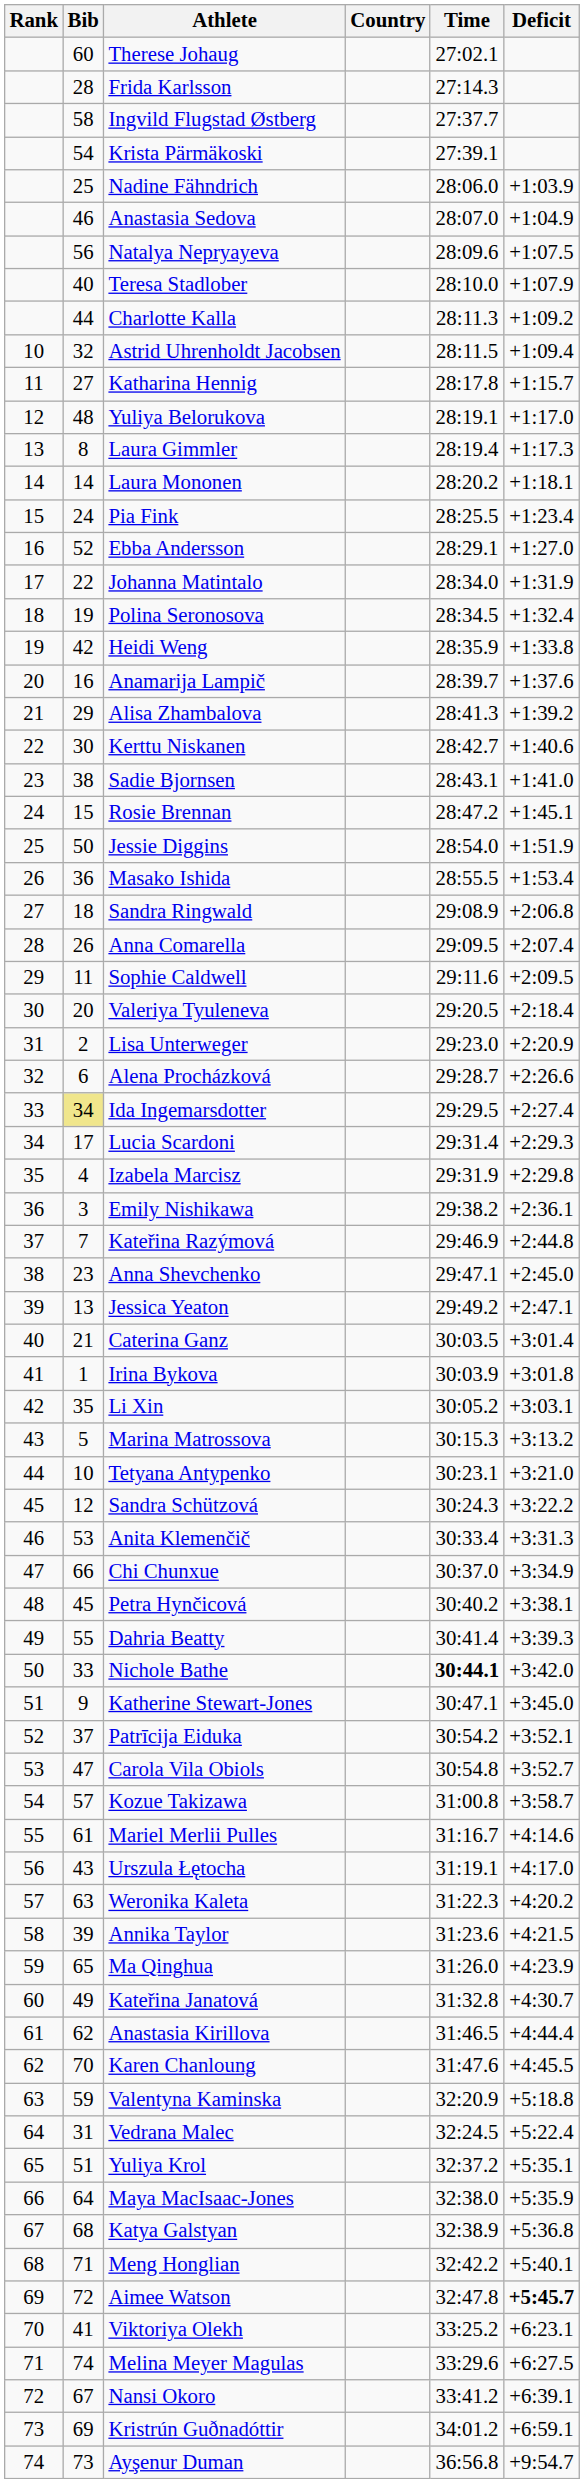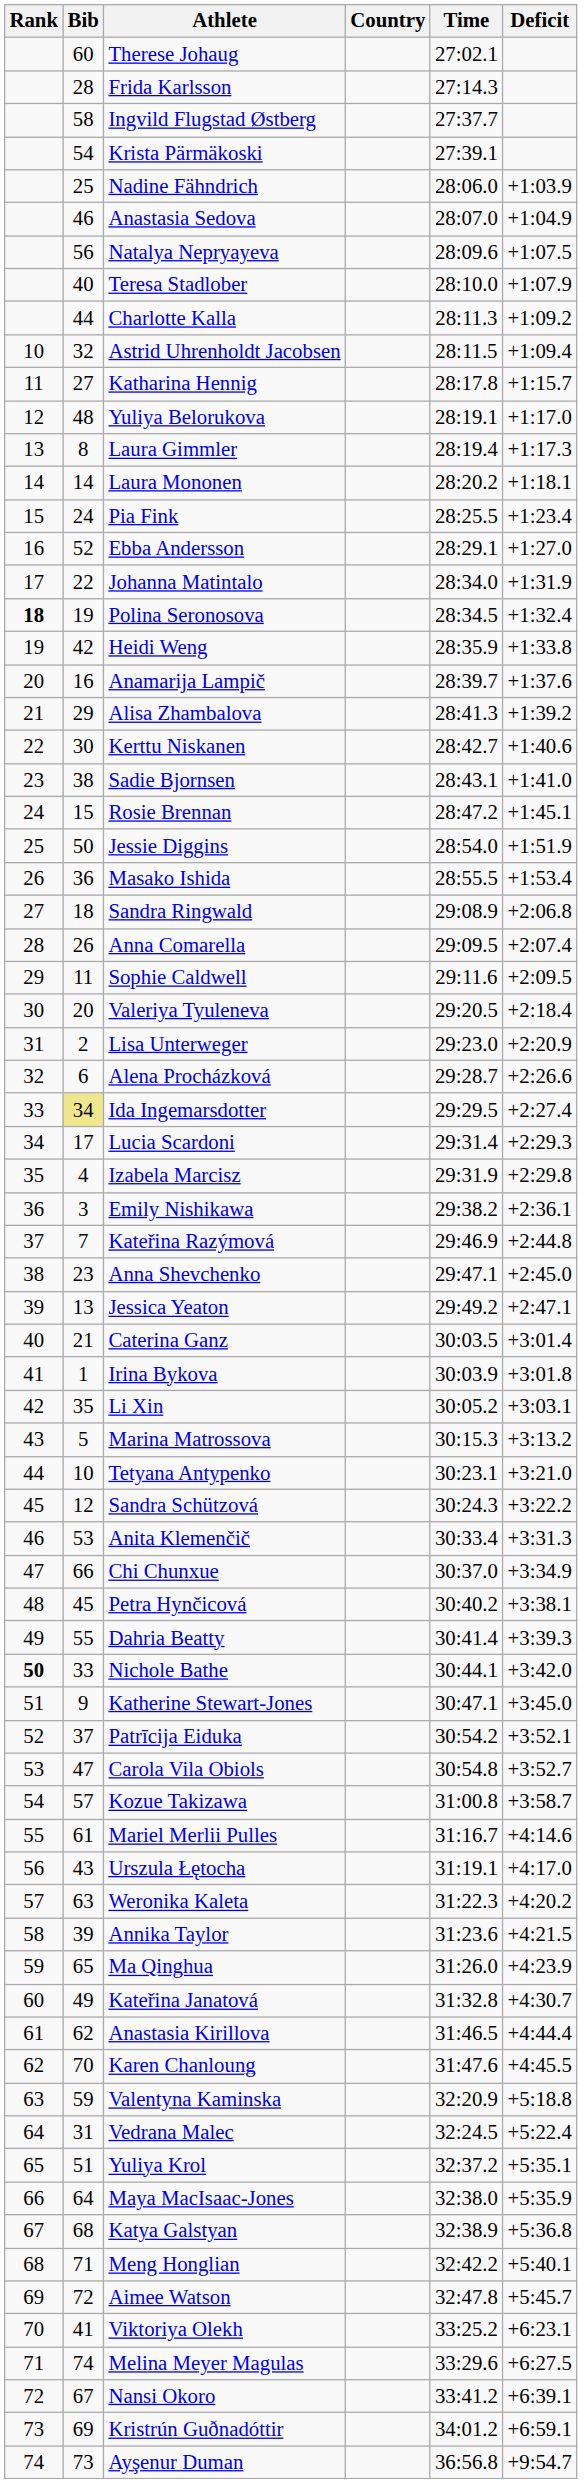 <table class="wikitable sortable" style="text-align:center">
 <tr>
 <th>Rank</th>
 <th>Bib</th>
 <th>Athlete</th>
 <th>Country</th>
 <th>Time</th>
 <th>Deficit</th>
 </tr>
 <tr>
 <td></td>
 <td>60</td>
 <td align=left><a href='#'>Therese Johaug</a></td>
 <td align=left></td>
 <td>27:02.1</td>
 <td></td>
 </tr>
 <tr>
 <td></td>
 <td>28</td>
 <td align=left><a href='#'>Frida Karlsson</a></td>
 <td align=left></td>
 <td>27:14.3</td>
 <td></td>
 </tr>
 <tr>
 <td></td>
 <td>58</td>
 <td align=left><a href='#'>Ingvild Flugstad Østberg</a></td>
 <td align=left></td>
 <td>27:37.7</td>
 <td></td>
 </tr>
 <tr>
 <td></td>
 <td>54</td>
 <td align=left><a href='#'>Krista Pärmäkoski</a></td>
 <td align=left></td>
 <td>27:39.1</td>
 <td></td>
 </tr>
 <tr>
 <td></td>
 <td>25</td>
 <td align=left><a href='#'>Nadine Fähndrich</a></td>
 <td align=left></td>
 <td>28:06.0</td>
 <td>+1:03.9</td>
 </tr>
 <tr>
 <td></td>
 <td>46</td>
 <td align=left><a href='#'>Anastasia Sedova</a></td>
 <td align=left></td>
 <td>28:07.0</td>
 <td>+1:04.9</td>
 </tr>
 <tr>
 <td></td>
 <td>56</td>
 <td align=left><a href='#'>Natalya Nepryayeva</a></td>
 <td align=left></td>
 <td>28:09.6</td>
 <td>+1:07.5</td>
 </tr>
 <tr>
 <td></td>
 <td>40</td>
 <td align=left><a href='#'>Teresa Stadlober</a></td>
 <td align=left></td>
 <td>28:10.0</td>
 <td>+1:07.9</td>
 </tr>
 <tr>
 <td></td>
 <td>44</td>
 <td align=left><a href='#'>Charlotte Kalla</a></td>
 <td align=left></td>
 <td>28:11.3</td>
 <td>+1:09.2</td>
 </tr>
 <tr>
 <td>10</td>
 <td>32</td>
 <td align=left><a href='#'>Astrid Uhrenholdt Jacobsen</a></td>
 <td align=left></td>
 <td>28:11.5</td>
 <td>+1:09.4</td>
 </tr>
 <tr>
 <td>11</td>
 <td>27</td>
 <td align=left><a href='#'>Katharina Hennig</a></td>
 <td align=left></td>
 <td>28:17.8</td>
 <td>+1:15.7</td>
 </tr>
 <tr>
 <td>12</td>
 <td>48</td>
 <td align=left><a href='#'>Yuliya Belorukova</a></td>
 <td align=left></td>
 <td>28:19.1</td>
 <td>+1:17.0</td>
 </tr>
 <tr>
 <td>13</td>
 <td>8</td>
 <td align=left><a href='#'>Laura Gimmler</a></td>
 <td align=left></td>
 <td>28:19.4</td>
 <td>+1:17.3</td>
 </tr>
 <tr>
 <td>14</td>
 <td>14</td>
 <td align=left><a href='#'>Laura Mononen</a></td>
 <td align=left></td>
 <td>28:20.2</td>
 <td>+1:18.1</td>
 </tr>
 <tr>
 <td>15</td>
 <td>24</td>
 <td align=left><a href='#'>Pia Fink</a></td>
 <td align=left></td>
 <td>28:25.5</td>
 <td>+1:23.4</td>
 </tr>
 <tr>
 <td>16</td>
 <td>52</td>
 <td align=left><a href='#'>Ebba Andersson</a></td>
 <td align=left></td>
 <td>28:29.1</td>
 <td>+1:27.0</td>
 </tr>
 <tr>
 <td>17</td>
 <td>22</td>
 <td align=left><a href='#'>Johanna Matintalo</a></td>
 <td align=left></td>
 <td>28:34.0</td>
 <td>+1:31.9</td>
 </tr>
 <tr>
-<td>18</td>
+<td><strong>18</strong></td>
 <td>19</td>
 <td align=left><a href='#'>Polina Seronosova</a></td>
 <td align=left></td>
 <td>28:34.5</td>
 <td>+1:32.4</td>
 </tr>
 <tr>
 <td>19</td>
 <td>42</td>
 <td align=left><a href='#'>Heidi Weng</a></td>
 <td align=left></td>
 <td>28:35.9</td>
 <td>+1:33.8</td>
 </tr>
 <tr>
 <td>20</td>
 <td>16</td>
 <td align=left><a href='#'>Anamarija Lampič</a></td>
 <td align=left></td>
 <td>28:39.7</td>
 <td>+1:37.6</td>
 </tr>
 <tr>
 <td>21</td>
 <td>29</td>
 <td align=left><a href='#'>Alisa Zhambalova</a></td>
 <td align=left></td>
 <td>28:41.3</td>
 <td>+1:39.2</td>
 </tr>
 <tr>
 <td>22</td>
 <td>30</td>
 <td align=left><a href='#'>Kerttu Niskanen</a></td>
 <td align=left></td>
 <td>28:42.7</td>
 <td>+1:40.6</td>
 </tr>
 <tr>
 <td>23</td>
 <td>38</td>
 <td align=left><a href='#'>Sadie Bjornsen</a></td>
 <td align=left></td>
 <td>28:43.1</td>
 <td>+1:41.0</td>
 </tr>
 <tr>
 <td>24</td>
 <td>15</td>
 <td align=left><a href='#'>Rosie Brennan</a></td>
 <td align=left></td>
 <td>28:47.2</td>
 <td>+1:45.1</td>
 </tr>
 <tr>
 <td>25</td>
 <td>50</td>
 <td align=left><a href='#'>Jessie Diggins</a></td>
 <td align=left></td>
 <td>28:54.0</td>
 <td>+1:51.9</td>
 </tr>
 <tr>
 <td>26</td>
 <td>36</td>
 <td align=left><a href='#'>Masako Ishida</a></td>
 <td align=left></td>
 <td>28:55.5</td>
 <td>+1:53.4</td>
 </tr>
 <tr>
 <td>27</td>
 <td>18</td>
 <td align=left><a href='#'>Sandra Ringwald</a></td>
 <td align=left></td>
 <td>29:08.9</td>
 <td>+2:06.8</td>
 </tr>
 <tr>
 <td>28</td>
 <td>26</td>
 <td align=left><a href='#'>Anna Comarella</a></td>
 <td align=left></td>
 <td>29:09.5</td>
 <td>+2:07.4</td>
 </tr>
 <tr>
 <td>29</td>
 <td>11</td>
 <td align=left><a href='#'>Sophie Caldwell</a></td>
 <td align=left></td>
 <td>29:11.6</td>
 <td>+2:09.5</td>
 </tr>
 <tr>
 <td>30</td>
 <td>20</td>
 <td align=left><a href='#'>Valeriya Tyuleneva</a></td>
 <td align=left></td>
 <td>29:20.5</td>
 <td>+2:18.4</td>
 </tr>
 <tr>
 <td>31</td>
 <td>2</td>
 <td align=left><a href='#'>Lisa Unterweger</a></td>
 <td align=left></td>
 <td>29:23.0</td>
 <td>+2:20.9</td>
 </tr>
 <tr>
 <td>32</td>
 <td>6</td>
 <td align=left><a href='#'>Alena Procházková</a></td>
 <td align=left></td>
 <td>29:28.7</td>
 <td>+2:26.6</td>
 </tr>
 <tr>
 <td>33</td>
 <td style="background: khaki;">34</td>
 <td align=left><a href='#'>Ida Ingemarsdotter</a></td>
 <td align=left></td>
 <td>29:29.5</td>
 <td>+2:27.4</td>
 </tr>
 <tr>
 <td>34</td>
 <td>17</td>
 <td align=left><a href='#'>Lucia Scardoni</a></td>
 <td align=left></td>
 <td>29:31.4</td>
 <td>+2:29.3</td>
 </tr>
 <tr>
 <td>35</td>
 <td>4</td>
 <td align=left><a href='#'>Izabela Marcisz</a></td>
 <td align=left></td>
 <td>29:31.9</td>
 <td>+2:29.8</td>
 </tr>
 <tr>
 <td>36</td>
 <td>3</td>
 <td align=left><a href='#'>Emily Nishikawa</a></td>
 <td align=left></td>
 <td>29:38.2</td>
 <td>+2:36.1</td>
 </tr>
 <tr>
 <td>37</td>
 <td>7</td>
 <td align=left><a href='#'>Kateřina Razýmová</a></td>
 <td align=left></td>
 <td>29:46.9</td>
 <td>+2:44.8</td>
 </tr>
 <tr>
 <td>38</td>
 <td>23</td>
 <td align=left><a href='#'>Anna Shevchenko</a></td>
 <td align=left></td>
 <td>29:47.1</td>
 <td>+2:45.0</td>
 </tr>
 <tr>
 <td>39</td>
 <td>13</td>
 <td align=left><a href='#'>Jessica Yeaton</a></td>
 <td align=left></td>
 <td>29:49.2</td>
 <td>+2:47.1</td>
 </tr>
 <tr>
 <td>40</td>
 <td>21</td>
 <td align=left><a href='#'>Caterina Ganz</a></td>
 <td align=left></td>
 <td>30:03.5</td>
 <td>+3:01.4</td>
 </tr>
 <tr>
 <td>41</td>
 <td>1</td>
 <td align=left><a href='#'>Irina Bykova</a></td>
 <td align=left></td>
 <td>30:03.9</td>
 <td>+3:01.8</td>
 </tr>
 <tr>
 <td>42</td>
 <td>35</td>
 <td align=left><a href='#'>Li Xin</a></td>
 <td align=left></td>
 <td>30:05.2</td>
 <td>+3:03.1</td>
 </tr>
 <tr>
 <td>43</td>
 <td>5</td>
 <td align=left><a href='#'>Marina Matrossova</a></td>
 <td align=left></td>
 <td>30:15.3</td>
 <td>+3:13.2</td>
 </tr>
 <tr>
 <td>44</td>
 <td>10</td>
 <td align=left><a href='#'>Tetyana Antypenko</a></td>
 <td align=left></td>
 <td>30:23.1</td>
 <td>+3:21.0</td>
 </tr>
 <tr>
 <td>45</td>
 <td>12</td>
 <td align=left><a href='#'>Sandra Schützová</a></td>
 <td align=left></td>
 <td>30:24.3</td>
 <td>+3:22.2</td>
 </tr>
 <tr>
 <td>46</td>
 <td>53</td>
 <td align=left><a href='#'>Anita Klemenčič</a></td>
 <td align=left></td>
 <td>30:33.4</td>
 <td>+3:31.3</td>
 </tr>
 <tr>
 <td>47</td>
 <td>66</td>
 <td align=left><a href='#'>Chi Chunxue</a></td>
 <td align=left></td>
 <td>30:37.0</td>
 <td>+3:34.9</td>
 </tr>
 <tr>
 <td>48</td>
 <td>45</td>
 <td align=left><a href='#'>Petra Hynčicová</a></td>
 <td align=left></td>
 <td>30:40.2</td>
 <td>+3:38.1</td>
 </tr>
 <tr>
 <td>49</td>
 <td>55</td>
 <td align=left><a href='#'>Dahria Beatty</a></td>
 <td align=left></td>
 <td>30:41.4</td>
 <td>+3:39.3</td>
 </tr>
 <tr>
-<td>50</td>
+<td><strong>50</strong></td>
 <td>33</td>
 <td align=left><a href='#'>Nichole Bathe</a></td>
 <td align=left></td>
-<td><strong>30:44.1</strong></td>
+<td>30:44.1</td>
 <td>+3:42.0</td>
 </tr>
 <tr>
 <td>51</td>
 <td>9</td>
 <td align=left><a href='#'>Katherine Stewart-Jones</a></td>
 <td align=left></td>
 <td>30:47.1</td>
 <td>+3:45.0</td>
 </tr>
 <tr>
 <td>52</td>
 <td>37</td>
 <td align=left><a href='#'>Patrīcija Eiduka</a></td>
 <td align=left></td>
 <td>30:54.2</td>
 <td>+3:52.1</td>
 </tr>
 <tr>
 <td>53</td>
 <td>47</td>
 <td align=left><a href='#'>Carola Vila Obiols</a></td>
 <td align=left></td>
 <td>30:54.8</td>
 <td>+3:52.7</td>
 </tr>
 <tr>
 <td>54</td>
 <td>57</td>
 <td align=left><a href='#'>Kozue Takizawa</a></td>
 <td align=left></td>
 <td>31:00.8</td>
 <td>+3:58.7</td>
 </tr>
 <tr>
 <td>55</td>
 <td>61</td>
 <td align=left><a href='#'>Mariel Merlii Pulles</a></td>
 <td align=left></td>
 <td>31:16.7</td>
 <td>+4:14.6</td>
 </tr>
 <tr>
 <td>56</td>
 <td>43</td>
 <td align=left><a href='#'>Urszula Łętocha</a></td>
 <td align=left></td>
 <td>31:19.1</td>
 <td>+4:17.0</td>
 </tr>
 <tr>
 <td>57</td>
 <td>63</td>
 <td align=left><a href='#'>Weronika Kaleta</a></td>
 <td align=left></td>
 <td>31:22.3</td>
 <td>+4:20.2</td>
 </tr>
 <tr>
 <td>58</td>
 <td>39</td>
 <td align=left><a href='#'>Annika Taylor</a></td>
 <td align=left></td>
 <td>31:23.6</td>
 <td>+4:21.5</td>
 </tr>
 <tr>
 <td>59</td>
 <td>65</td>
 <td align=left><a href='#'>Ma Qinghua</a></td>
 <td align=left></td>
 <td>31:26.0</td>
 <td>+4:23.9</td>
 </tr>
 <tr>
 <td>60</td>
 <td>49</td>
 <td align=left><a href='#'>Kateřina Janatová</a></td>
 <td align=left></td>
 <td>31:32.8</td>
 <td>+4:30.7</td>
 </tr>
 <tr>
 <td>61</td>
 <td>62</td>
 <td align=left><a href='#'>Anastasia Kirillova</a></td>
 <td align=left></td>
 <td>31:46.5</td>
 <td>+4:44.4</td>
 </tr>
 <tr>
 <td>62</td>
 <td>70</td>
 <td align=left><a href='#'>Karen Chanloung</a></td>
 <td align=left></td>
 <td>31:47.6</td>
 <td>+4:45.5</td>
 </tr>
 <tr>
 <td>63</td>
 <td>59</td>
 <td align=left><a href='#'>Valentyna Kaminska</a></td>
 <td align=left></td>
 <td>32:20.9</td>
 <td>+5:18.8</td>
 </tr>
 <tr>
 <td>64</td>
 <td>31</td>
 <td align=left><a href='#'>Vedrana Malec</a></td>
 <td align=left></td>
 <td>32:24.5</td>
 <td>+5:22.4</td>
 </tr>
 <tr>
 <td>65</td>
 <td>51</td>
 <td align=left><a href='#'>Yuliya Krol</a></td>
 <td align=left></td>
 <td>32:37.2</td>
 <td>+5:35.1</td>
 </tr>
 <tr>
 <td>66</td>
 <td>64</td>
 <td align=left><a href='#'>Maya MacIsaac-Jones</a></td>
 <td align=left></td>
 <td>32:38.0</td>
 <td>+5:35.9</td>
 </tr>
 <tr>
 <td>67</td>
 <td>68</td>
 <td align=left><a href='#'>Katya Galstyan</a></td>
 <td align=left></td>
 <td>32:38.9</td>
 <td>+5:36.8</td>
 </tr>
 <tr>
 <td>68</td>
 <td>71</td>
 <td align=left><a href='#'>Meng Honglian</a></td>
 <td align=left></td>
 <td>32:42.2</td>
 <td>+5:40.1</td>
 </tr>
 <tr>
 <td>69</td>
 <td>72</td>
 <td align=left><a href='#'>Aimee Watson</a></td>
 <td align=left></td>
 <td>32:47.8</td>
-<td><strong>+5:45.7</strong></td>
+<td>+5:45.7</td>
 </tr>
 <tr>
 <td>70</td>
 <td>41</td>
 <td align=left><a href='#'>Viktoriya Olekh</a></td>
 <td align=left></td>
 <td>33:25.2</td>
 <td>+6:23.1</td>
 </tr>
 <tr>
 <td>71</td>
 <td>74</td>
 <td align=left><a href='#'>Melina Meyer Magulas</a></td>
 <td align=left></td>
 <td>33:29.6</td>
 <td>+6:27.5</td>
 </tr>
 <tr>
 <td>72</td>
 <td>67</td>
 <td align=left><a href='#'>Nansi Okoro</a></td>
 <td align=left></td>
 <td>33:41.2</td>
 <td>+6:39.1</td>
 </tr>
 <tr>
 <td>73</td>
 <td>69</td>
 <td align=left><a href='#'>Kristrún Guðnadóttir</a></td>
 <td align=left></td>
 <td>34:01.2</td>
 <td>+6:59.1</td>
 </tr>
 <tr>
 <td>74</td>
 <td>73</td>
 <td align=left><a href='#'>Ayşenur Duman</a></td>
 <td align=left></td>
 <td>36:56.8</td>
 <td>+9:54.7</td>
 </tr>
 </table>
